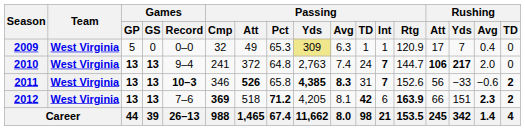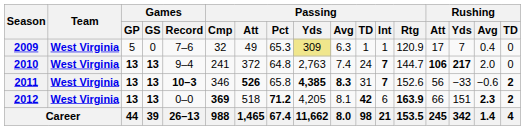 <table class="wikitable" style="text-align: center;">
 <tr>
 <th rowspan="2">Season</th>
 <th rowspan="2">Team</th>
 <th colspan="3">Games</th>
 <th colspan="8">Passing</th>
 <th colspan="5">Rushing</th>
 </tr>
 <tr>
 <th>GP</th>
 <th>GS</th>
 <th>Record</th>
 <th>Cmp</th>
 <th>Att</th>
 <th>Pct</th>
 <th>Yds</th>
 <th>Avg</th>
 <th>TD</th>
 <th>Int</th>
 <th>Rtg</th>
 <th>Att</th>
 <th>Yds</th>
 <th>Avg</th>
 <th>TD</th>
 </tr>
 <tr>
 <th><a href='#'>2009</a></th>
 <th><a href='#'>West Virginia</a></th>
 <td>5</td>
 <td>0</td>
-<td>0–0</td>
+<td>7–6</td>
 <td>32</td>
 <td>49</td>
 <td>65.3</td>
 <td style="background: khaki;">309</td>
 <td>6.3</td>
 <td>1</td>
 <td>1</td>
 <td>120.9</td>
 <td>17</td>
 <td>7</td>
 <td>0.4</td>
 <td>0</td>
 </tr>
 <tr>
 <th><a href='#'>2010</a></th>
 <th><a href='#'>West Virginia</a></th>
 <td><strong>13</strong></td>
 <td><strong>13</strong></td>
 <td>9–4</td>
 <td>241</td>
 <td>372</td>
 <td>64.8</td>
 <td>2,763</td>
 <td>7.4</td>
 <td>24</td>
 <td><strong>7</strong></td>
 <td>144.7</td>
 <td><strong>106</strong></td>
 <td><strong>217</strong></td>
 <td>2.0</td>
 <td>0</td>
 </tr>
 <tr>
 <th><a href='#'>2011</a></th>
 <th><a href='#'>West Virginia</a></th>
 <td><strong>13</strong></td>
 <td><strong>13</strong></td>
 <td><strong>10–3</strong></td>
 <td>346</td>
 <td><strong>526</strong></td>
 <td>65.8</td>
 <td><strong>4,385</strong></td>
 <td><strong>8.3</strong></td>
 <td>31</td>
 <td><strong>7</strong></td>
 <td>152.6</td>
 <td>56</td>
 <td>−33</td>
 <td>−0.6</td>
 <td><strong>2</strong></td>
 </tr>
 <tr>
 <th><a href='#'>2012</a></th>
 <th><a href='#'>West Virginia</a></th>
 <td><strong>13</strong></td>
 <td><strong>13</strong></td>
-<td>7–6</td>
+<td>0–0</td>
 <td><strong>369</strong></td>
 <td>518</td>
 <td><strong>71.2</strong></td>
 <td>4,205</td>
 <td>8.1</td>
 <td><strong>42</strong></td>
 <td>6</td>
 <td><strong>163.9</strong></td>
 <td>66</td>
 <td>151</td>
 <td><strong>2.3</strong></td>
 <td><strong>2</strong></td>
 </tr>
 <tr>
 <th colspan="2">Career</th>
 <th>44</th>
 <th>39</th>
 <th>26–13</th>
 <th>988</th>
 <th>1,465</th>
 <th>67.4</th>
 <th>11,662</th>
 <th>8.0</th>
 <th>98</th>
 <th>21</th>
 <th>153.5</th>
 <th>245</th>
 <th>342</th>
 <th>1.4</th>
 <th>4</th>
 </tr>
 </table>
